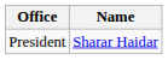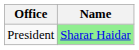 <table class="wikitable">
 <tr>
 <th>Office</th>
 <th>Name</th>
 </tr>
 <tr>
 <td>President</td>
-<td><a href='#'>Sharar Haidar</a></td>
+<td style="background: lightgreen;"><a href='#'>Sharar Haidar</a></td>
 </tr>
 </table>
